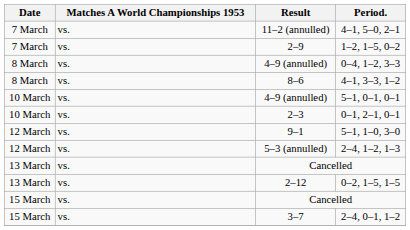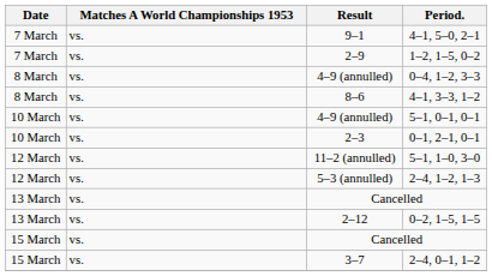 <table class="wikitable" style="text-align:center;" width="600px">
 <tr>
 <th>Date</th>
 <th>Matches A World Championships 1953</th>
 <th>Result</th>
 <th>Period.</th>
 </tr>
 <tr>
 <td>7 March</td>
 <td align="left"> vs. </td>
-<td>11–2 (annulled)</td>
+<td>9–1</td>
 <td>4–1, 5–0, 2–1</td>
 </tr>
 <tr>
 <td>7 March</td>
 <td align="left"> vs. </td>
 <td>2–9</td>
 <td>1–2, 1–5, 0–2</td>
 </tr>
 <tr>
 <td>8 March</td>
 <td align="left"> vs. </td>
 <td>4–9 (annulled)</td>
 <td>0–4, 1–2, 3–3</td>
 </tr>
 <tr>
 <td>8 March</td>
 <td align="left"> vs. </td>
 <td>8–6</td>
 <td>4–1, 3–3, 1–2</td>
 </tr>
 <tr>
 <td>10 March</td>
 <td align="left"> vs. </td>
 <td rows="2">4–9 (annulled)</td>
 <td>5–1, 0–1, 0–1</td>
 </tr>
 <tr>
 <td>10 March</td>
 <td align="left"> vs. </td>
 <td>2–3</td>
 <td>0–1, 2–1, 0–1</td>
 </tr>
 <tr>
 <td>12 March</td>
 <td align="left"> vs. </td>
-<td>9–1</td>
+<td>11–2 (annulled)</td>
 <td>5–1, 1–0, 3–0</td>
 </tr>
 <tr>
 <td>12 March</td>
 <td align="left"> vs. </td>
 <td>5–3 (annulled)</td>
 <td>2–4, 1–2, 1–3</td>
 </tr>
 <tr>
 <td>13 March</td>
 <td align="left"> vs. </td>
 <td colspan="5">Cancelled</td>
 </tr>
 <tr>
 <td>13 March</td>
 <td align="left"> vs. </td>
 <td>2–12</td>
 <td>0–2, 1–5, 1–5</td>
 </tr>
 <tr>
 <td>15 March</td>
 <td align="left"> vs. </td>
 <td colspan="5">Cancelled</td>
 </tr>
 <tr>
 <td>15 March</td>
 <td align="left"> vs. </td>
 <td>3–7</td>
 <td>2–4, 0–1, 1–2</td>
 </tr>
 <tr>
 </tr>
 </table>
